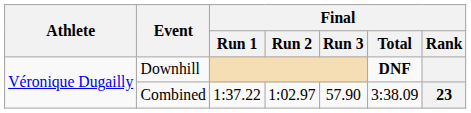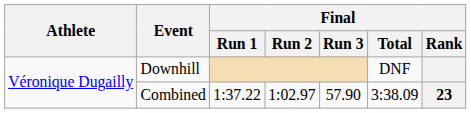 <table class="wikitable" style="font-size:90%">
 <tr>
 <th rowspan="2">Athlete</th>
 <th rowspan="2">Event</th>
 <th colspan="5">Final</th>
 </tr>
 <tr>
 <th>Run 1</th>
 <th>Run 2</th>
 <th>Run 3</th>
 <th>Total</th>
 <th>Rank</th>
 </tr>
 <tr>
 <td rowspan=2><a href='#'>Véronique Dugailly</a></td>
 <td>Downhill</td>
 <td colspan=3 bgcolor="wheat"></td>
-<td align="center"><strong>DNF</strong></td>
+<td align="center">DNF</td>
 <th align="center"></th>
 </tr>
 <tr>
 <td>Combined</td>
 <td align="center">1:37.22</td>
 <td align="center">1:02.97</td>
 <td align="center">57.90</td>
 <td align="center">3:38.09</td>
 <th align="center">23</th>
 </tr>
 </table>
